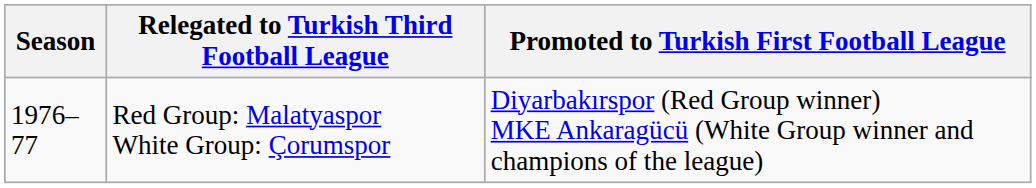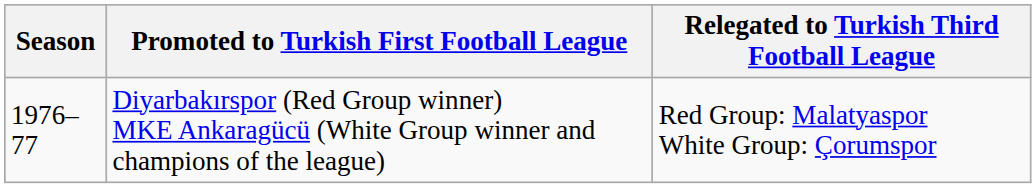 <table class="wikitable">
 <tr>
 <th>Season</th>
+<th>Promoted to <a href='#'>Turkish First Football League</a></th>
 <th>Relegated to <a href='#'>Turkish Third Football League</a></th>
-<th>Promoted to <a href='#'>Turkish First Football League</a></th>
 </tr>
 <tr>
 <td>1976–77</td>
+<td><a href='#'>Diyarbakırspor</a> (Red Group winner)<br><a href='#'>MKE Ankaragücü</a> (White Group winner and champions of the league)</td>
 <td>Red Group: <a href='#'>Malatyaspor</a><br>White Group: <a href='#'>Çorumspor</a></td>
-<td><a href='#'>Diyarbakırspor</a> (Red Group winner)<br><a href='#'>MKE Ankaragücü</a> (White Group winner and champions of the league)</td>
 </tr>
 </table>
